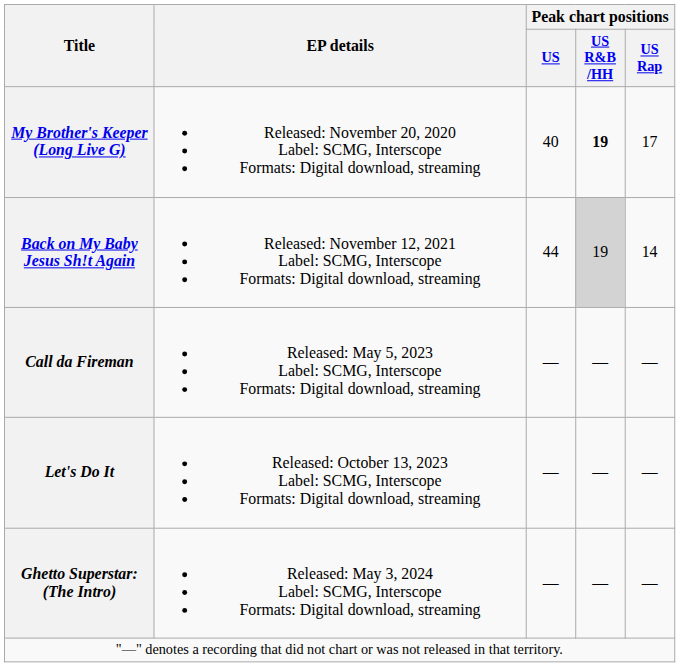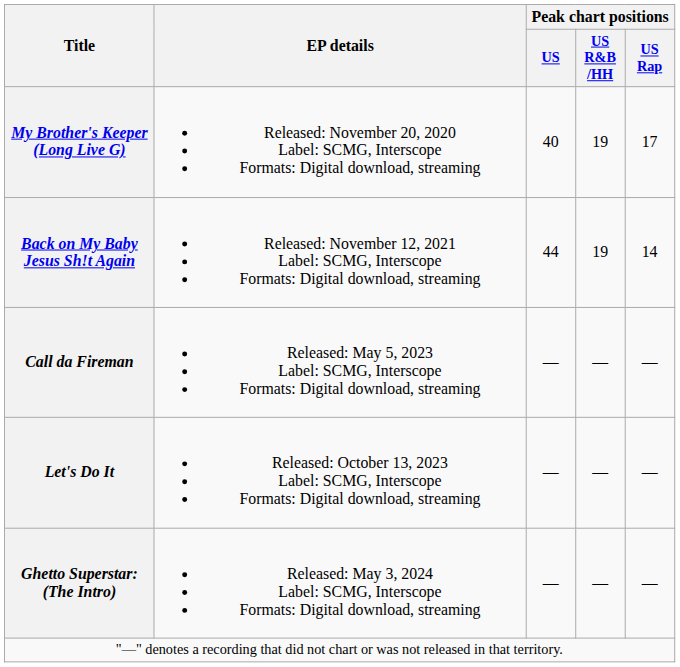 <table class="wikitable plainrowheaders" style="text-align:center;">
 <tr>
 <th scope="col" rowspan="2" style="width:9em;">Title</th>
 <th scope="col" rowspan="2" style="width:23em;">EP details</th>
 <th scope="col" colspan="4">Peak chart positions</th>
 </tr>
 <tr>
 <th scope="col" style="width:3em;font-size:90%;"><a href='#'>US</a><br></th>
 <th scope="col" style="width:3em;font-size:90%;"><a href='#'>US R&B<br>/HH</a><br></th>
 <th scope="col" style="width:3em;font-size:90%;"><a href='#'>US<br>Rap</a><br></th>
 </tr>
 <tr>
 <th scope="row"><em><a href='#'>My Brother's Keeper (Long Live G)</a></em></th>
 <td><br><ul><li>Released: November 20, 2020</li><li>Label: SCMG, Interscope</li><li>Formats: Digital download, streaming</li></ul></td>
 <td>40</td>
-<td><strong>19</strong></td>
+<td>19</td>
 <td>17</td>
 </tr>
 <tr>
 <th scope="row"><em><a href='#'>Back on My Baby Jesus Sh!t Again</a></em></th>
 <td><br><ul><li>Released: November 12, 2021</li><li>Label: SCMG, Interscope</li><li>Formats: Digital download, streaming</li></ul></td>
 <td>44</td>
-<td style="background: lightgrey;">19</td>
+<td>19</td>
 <td>14</td>
 </tr>
 <tr>
 <th scope="row"><em>Call da Fireman</em></th>
 <td><br><ul><li>Released: May 5, 2023</li><li>Label: SCMG, Interscope</li><li>Formats: Digital download, streaming</li></ul></td>
 <td>—</td>
 <td>—</td>
 <td>—</td>
 </tr>
 <tr>
 <th scope="row"><em>Let's Do It</em></th>
 <td><br><ul><li>Released: October 13, 2023</li><li>Label: SCMG, Interscope</li><li>Formats: Digital download, streaming</li></ul></td>
 <td>—</td>
 <td>—</td>
 <td>—</td>
 </tr>
 <tr>
 <th scope="row"><em>Ghetto Superstar: (The Intro)</em></th>
 <td><br><ul><li>Released: May 3, 2024</li><li>Label: SCMG, Interscope</li><li>Formats: Digital download, streaming</li></ul></td>
 <td>—</td>
 <td>—</td>
 <td>—</td>
 </tr>
 <tr>
 <td colspan="8" style="font-size:90%">"—" denotes a recording that did not chart or was not released in that territory.</td>
 </tr>
 </table>
